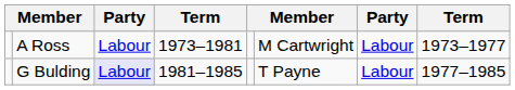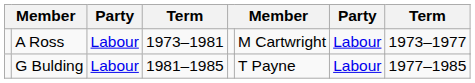 <table class="wikitable">
 <tr>
 <th colspan="2">Member</th>
 <th>Party</th>
 <th>Term</th>
 <th colspan="2">Member</th>
 <th>Party</th>
 <th>Term</th>
 </tr>
 <tr>
 <td rowspan="2" style="background-color: "></td>
 <td rowspan="2">A Ross</td>
 <td rowspan="2"><a href='#'>Labour</a></td>
 <td rowspan="2">1973–1981</td>
 <td style="background-color: "></td>
 <td>M Cartwright</td>
 <td><a href='#'>Labour</a></td>
 <td>1973–1977</td>
 </tr>
 <tr>
 <td rowspan="2" style="background-color: "></td>
 <td rowspan="2">T Payne</td>
 <td rowspan="2"><a href='#'>Labour</a></td>
 <td rowspan="2">1977–1985</td>
 </tr>
 <tr>
 <td style="background-color: "></td>
 <td>G Bulding</td>
-<td style="background: lavender;"><a href='#'>Labour</a></td>
+<td><a href='#'>Labour</a></td>
 <td>1981–1985</td>
 </tr>
 </table>
